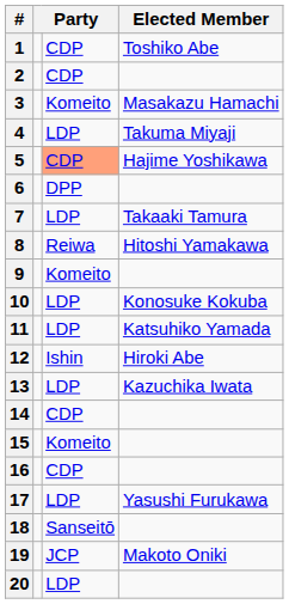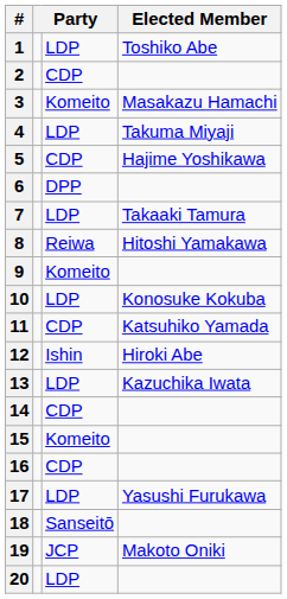 <table class="wikitable">
 <tr>
 <th>#</th>
 <th colspan=2>Party</th>
 <th>Elected Member</th>
 </tr>
 <tr>
 <th>1</th>
 <td style="background:"></td>
-<td><a href='#'>CDP</a></td>
+<td><a href='#'>LDP</a></td>
 <td><a href='#'>Toshiko Abe</a></td>
 </tr>
 <tr>
 <th>2</th>
 <td style="background:"></td>
 <td><a href='#'>CDP</a></td>
 <td></td>
 </tr>
 <tr>
 <th>3</th>
 <td style="background:"></td>
 <td><a href='#'>Komeito</a></td>
 <td><a href='#'>Masakazu Hamachi</a></td>
 </tr>
 <tr>
 <th>4</th>
 <td style="background:"></td>
 <td><a href='#'>LDP</a></td>
 <td><a href='#'>Takuma Miyaji</a></td>
 </tr>
 <tr>
 <th>5</th>
 <td style="background:"></td>
-<td style="background: lightsalmon;"><a href='#'>CDP</a></td>
+<td><a href='#'>CDP</a></td>
 <td><a href='#'>Hajime Yoshikawa</a></td>
 </tr>
 <tr>
 <th>6</th>
 <td style="background:"></td>
 <td><a href='#'>DPP</a></td>
 <td></td>
 </tr>
 <tr>
 <th>7</th>
 <td style="background:"></td>
 <td><a href='#'>LDP</a></td>
 <td><a href='#'>Takaaki Tamura</a></td>
 </tr>
 <tr>
 <th>8</th>
 <td style="background:"></td>
 <td><a href='#'>Reiwa</a></td>
 <td><a href='#'>Hitoshi Yamakawa</a></td>
 </tr>
 <tr>
 <th>9</th>
 <td style="background:"></td>
 <td><a href='#'>Komeito</a></td>
 <td></td>
 </tr>
 <tr>
 <th>10</th>
 <td style="background:"></td>
 <td><a href='#'>LDP</a></td>
 <td><a href='#'>Konosuke Kokuba</a></td>
 </tr>
 <tr>
 <th>11</th>
 <td style="background:"></td>
-<td><a href='#'>LDP</a></td>
+<td><a href='#'>CDP</a></td>
 <td><a href='#'>Katsuhiko Yamada</a></td>
 </tr>
 <tr>
 <th>12</th>
 <td style="background:"></td>
 <td><a href='#'>Ishin</a></td>
 <td><a href='#'>Hiroki Abe</a></td>
 </tr>
 <tr>
 <th>13</th>
 <td style="background:"></td>
 <td><a href='#'>LDP</a></td>
 <td><a href='#'>Kazuchika Iwata</a></td>
 </tr>
 <tr>
 <th>14</th>
 <td style="background:"></td>
 <td><a href='#'>CDP</a></td>
 <td></td>
 </tr>
 <tr>
 <th>15</th>
 <td style="background:"></td>
 <td><a href='#'>Komeito</a></td>
 <td></td>
 </tr>
 <tr>
 <th>16</th>
 <td style="background:"></td>
 <td><a href='#'>CDP</a></td>
 <td></td>
 </tr>
 <tr>
 <th>17</th>
 <td style="background:"></td>
 <td><a href='#'>LDP</a></td>
 <td><a href='#'>Yasushi Furukawa</a></td>
 </tr>
 <tr>
 <th>18</th>
 <td style="background:"></td>
 <td><a href='#'>Sanseitō</a></td>
 <td></td>
 </tr>
 <tr>
 <th>19</th>
 <td style="background:"></td>
 <td><a href='#'>JCP</a></td>
 <td><a href='#'>Makoto Oniki</a></td>
 </tr>
 <tr>
 <th>20</th>
 <td style="background:"></td>
 <td><a href='#'>LDP</a></td>
 <td></td>
 </tr>
 </table>
